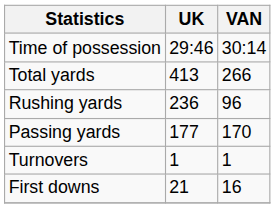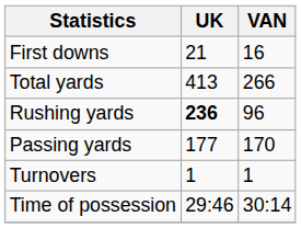 <table class="wikitable" style="float: left;">
 <tr>
 <th>Statistics</th>
 <th>UK</th>
 <th>VAN</th>
 </tr>
 <tr>
-<td>Time of possession</td>
-<td>29:46</td>
-<td>30:14</td>
+<td>First downs</td>
+<td>21</td>
+<td>16</td>
 </tr>
 <tr>
 <td>Total yards</td>
 <td>413</td>
 <td>266</td>
 </tr>
 <tr>
 <td>Rushing yards</td>
-<td>236</td>
+<td><strong>236</strong></td>
 <td>96</td>
 </tr>
 <tr>
 <td>Passing yards</td>
 <td>177</td>
 <td>170</td>
 </tr>
 <tr>
 <td>Turnovers</td>
 <td>1</td>
 <td>1</td>
 </tr>
 <tr>
-<td>First downs</td>
-<td>21</td>
-<td>16</td>
+<td>Time of possession</td>
+<td>29:46</td>
+<td>30:14</td>
 </tr>
 <tr>
 </tr>
 </table>
